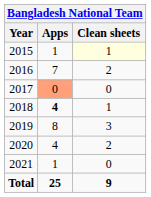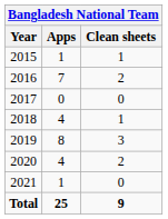 <table class="wikitable" style="text-align:center">
 <tr>
 <th colspan=3><a href='#'>Bangladesh National Team</a></th>
 </tr>
 <tr>
 <th>Year</th>
 <th>Apps</th>
 <th>Clean sheets</th>
 </tr>
 <tr>
 <td>2015</td>
 <td>1</td>
-<td style="background: lightyellow;">1</td>
+<td>1</td>
 </tr>
 <tr>
 <td>2016</td>
 <td>7</td>
 <td>2</td>
 </tr>
 <tr>
 <td>2017</td>
-<td style="background: lightsalmon;">0</td>
+<td>0</td>
 <td>0</td>
 </tr>
 <tr>
 <td>2018</td>
-<td><strong>4</strong></td>
+<td>4</td>
 <td>1</td>
 </tr>
 <tr>
 <td>2019</td>
 <td>8</td>
 <td>3</td>
 </tr>
 <tr>
 <td>2020</td>
 <td>4</td>
 <td>2</td>
 </tr>
 <tr>
 <td>2021</td>
 <td>1</td>
 <td>0</td>
 </tr>
 <tr>
 <td><strong>Total</strong></td>
 <td><strong>25</strong></td>
 <td><strong>9</strong></td>
 </tr>
 </table>
